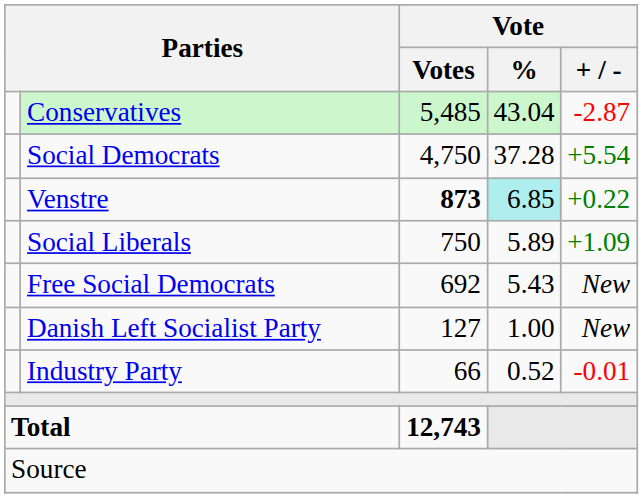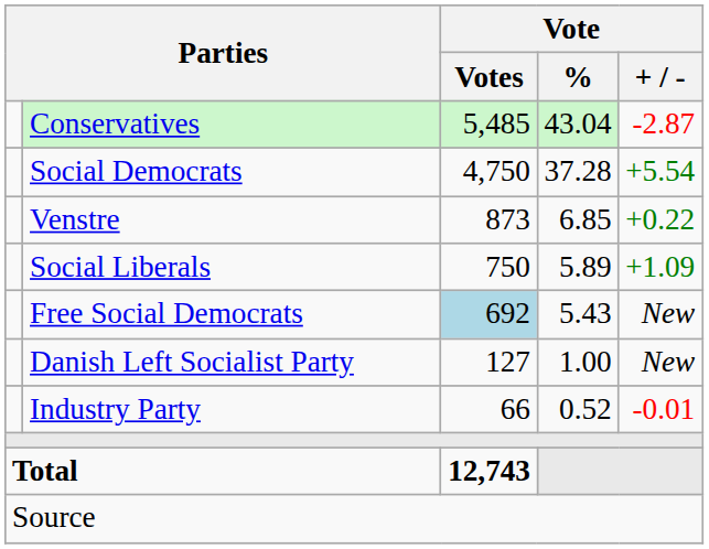 <table class="wikitable" style="text-align:right;">
 <tr>
 <th style="text-align:centre;" rowspan="2" colspan="2" width="225">Parties</th>
 <th colspan="3">Vote</th>
 </tr>
 <tr>
 <th width="15">Votes</th>
 <th width="15">%</th>
 <th width="15">+ / -</th>
 </tr>
 <tr>
 <td width="2" style="color:inherit;background:"></td>
 <td bgcolor=#ccf7cc  align="left"><a href='#'>Conservatives</a></td>
 <td bgcolor=#ccf7cc>5,485</td>
 <td bgcolor=#ccf7cc>43.04</td>
 <td style=color:red;>-2.87</td>
 </tr>
 <tr>
 <td width="2" style="color:inherit;background:"></td>
 <td align="left"><a href='#'>Social Democrats</a></td>
 <td>4,750</td>
 <td>37.28</td>
 <td style=color:green;>+5.54</td>
 </tr>
 <tr>
 <td width="2" style="color:inherit;background:"></td>
 <td align="left"><a href='#'>Venstre</a></td>
-<td><strong>873</strong></td>
-<td style="background: paleturquoise;">6.85</td>
+<td>873</td>
+<td>6.85</td>
 <td style=color:green;>+0.22</td>
 </tr>
 <tr>
 <td width="2" style="color:inherit;background:"></td>
 <td align="left"><a href='#'>Social Liberals</a></td>
 <td>750</td>
 <td>5.89</td>
 <td style=color:green;>+1.09</td>
 </tr>
 <tr>
 <td width="2" style="color:inherit;background:"></td>
 <td align="left"><a href='#'>Free Social Democrats</a></td>
-<td>692</td>
+<td style="background: lightblue;">692</td>
 <td>5.43</td>
 <td><em>New</em></td>
 </tr>
 <tr>
 <td width="2" style="color:inherit;background:"></td>
 <td align="left"><a href='#'>Danish Left Socialist Party</a></td>
 <td>127</td>
 <td>1.00</td>
 <td><em>New</em></td>
 </tr>
 <tr>
 <td width="2" style="color:inherit;background:"></td>
 <td align="left"><a href='#'>Industry Party</a></td>
 <td>66</td>
 <td>0.52</td>
 <td style=color:red;>-0.01</td>
 </tr>
 <tr>
 <td colspan="7" bgcolor="#E9E9E9"></td>
 </tr>
 <tr>
 <td align="left" colspan="2"><strong>Total</strong></td>
 <td><strong>12,743</strong></td>
 <td bgcolor="#E9E9E9" colspan="2"></td>
 </tr>
 <tr>
 <td align="left" colspan="6">Source</td>
 </tr>
 </table>
